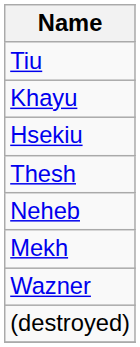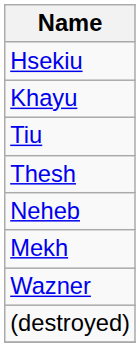 <table class="wikitable">
 <tr>
 <th>Name</th>
 </tr>
 <tr>
-<td><a href='#'>Tiu</a></td>
+<td><a href='#'>Hsekiu</a></td>
 </tr>
 <tr>
 <td><a href='#'>Khayu</a></td>
 </tr>
 <tr>
-<td><a href='#'>Hsekiu</a></td>
+<td><a href='#'>Tiu</a></td>
 </tr>
 <tr>
 <td><a href='#'>Thesh</a></td>
 </tr>
 <tr>
 <td><a href='#'>Neheb</a></td>
 </tr>
 <tr>
 <td><a href='#'>Mekh</a></td>
 </tr>
 <tr>
 <td><a href='#'>Wazner</a></td>
 </tr>
 <tr>
 <td>(destroyed)</td>
 </tr>
 <tr>
 </tr>
 </table>
